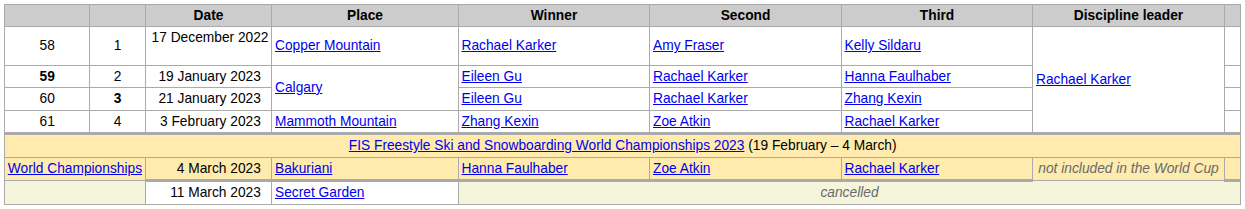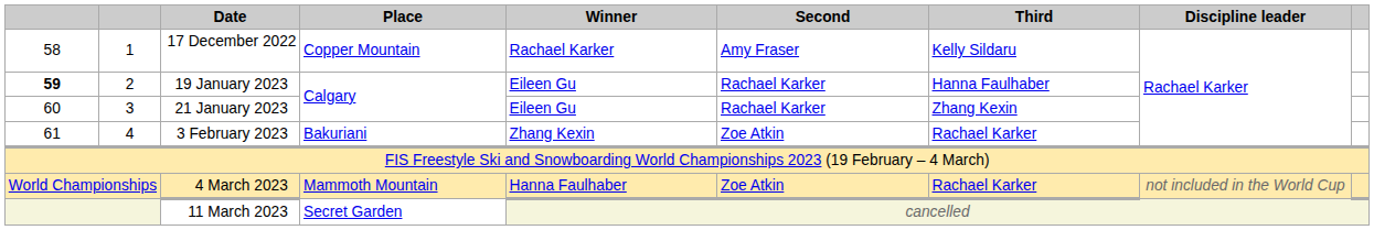 <table class="wikitable plainrowheaders" style="background:#fff; font-size:86%; line-height:16px; border:grey solid 1px; border-collapse:collapse;">
 <tr>
 <th scope="col" style="background:#ccc; width=20 px;"></th>
 <th scope="col" style="background:#ccc; width=30 px;"></th>
 <th scope="col" style="background:#ccc; width:120px;">Date</th>
 <th scope="col" style="background:#ccc; width:180px;">Place</th>
 <th scope="col" style="background:#ccc; width:185px;">Winner</th>
 <th scope="col" style="background:#ccc; width:185px;">Second</th>
 <th scope="col" style="background:#ccc; width:185px;">Third</th>
 <th scope="col" style="background:#ccc; width:185px;">Discipline leader</th>
 <th scope="col" style="background:#ccc; width:10px;"></th>
 </tr>
 <tr>
 <td align="center">58</td>
 <td align="center">1</td>
 <td align="right">17 December 2022  </td>
 <td> <a href='#'>Copper Mountain</a></td>
 <td> <a href='#'>Rachael Karker</a></td>
 <td> <a href='#'>Amy Fraser</a></td>
 <td> <a href='#'>Kelly Sildaru</a></td>
 <td rowspan=4> <a href='#'>Rachael Karker</a></td>
 <td></td>
 </tr>
 <tr>
 <td align="center"><strong>59</strong></td>
 <td align="center">2</td>
 <td align="right">19 January 2023  </td>
 <td rowspan=2> <a href='#'>Calgary</a></td>
 <td> <a href='#'>Eileen Gu</a></td>
 <td> <a href='#'>Rachael Karker</a></td>
 <td> <a href='#'>Hanna Faulhaber</a></td>
 <td></td>
 </tr>
 <tr>
 <td align="center">60</td>
-<td align="center"><strong>3</strong></td>
+<td align="center">3</td>
 <td align="right">21 January 2023  </td>
 <td> <a href='#'>Eileen Gu</a></td>
 <td> <a href='#'>Rachael Karker</a></td>
 <td> <a href='#'>Zhang Kexin</a></td>
 <td></td>
 </tr>
 <tr>
 <td align="center">61</td>
 <td align="center">4</td>
 <td align="right">3 February 2023  </td>
-<td> <a href='#'>Mammoth Mountain</a></td>
+<td style="border-bottom-width:3px"> <a href='#'>Bakuriani</a></td>
 <td> <a href='#'>Zhang Kexin</a></td>
 <td> <a href='#'>Zoe Atkin</a></td>
 <td> <a href='#'>Rachael Karker</a></td>
 <td></td>
 </tr>
 <tr style="background:#FFEBAD">
 <td align=center style="border-top-width:3px" colspan=11><a href='#'>FIS Freestyle Ski and Snowboarding World Championships 2023</a> (19 February – 4 March)</td>
 </tr>
 <tr style="background:#FFEBAD">
 <td colspan=2 align="center" style=color:#696969 style="border-bottom-width:3px"><a href='#'>World Championships</a></td>
 <td style="border-bottom-width:3px" align="right">4 March 2023  </td>
-<td style="border-bottom-width:3px"> <a href='#'>Bakuriani</a></td>
+<td> <a href='#'>Mammoth Mountain</a></td>
 <td style="border-bottom-width:3px"> <a href='#'>Hanna Faulhaber</a></td>
 <td style="border-bottom-width:3px"> <a href='#'>Zoe Atkin</a></td>
 <td style="border-bottom-width:3px"> <a href='#'>Rachael Karker</a></td>
 <td align="center" style=color:#696969 style="border-bottom-width:3px"><em>not included in the World Cup</em></td>
 <td style="border-bottom-width:3px"></td>
 </tr>
 <tr>
 <td colspan=2 bgcolor="F5F5DC"></td>
 <td align="right">11 March 2023  </td>
 <td> <a href='#'>Secret Garden</a></td>
 <td colspan=5 align=center bgcolor="F5F5DC" style=color:#696969><em>cancelled</em></td>
 </tr>
 </table>
